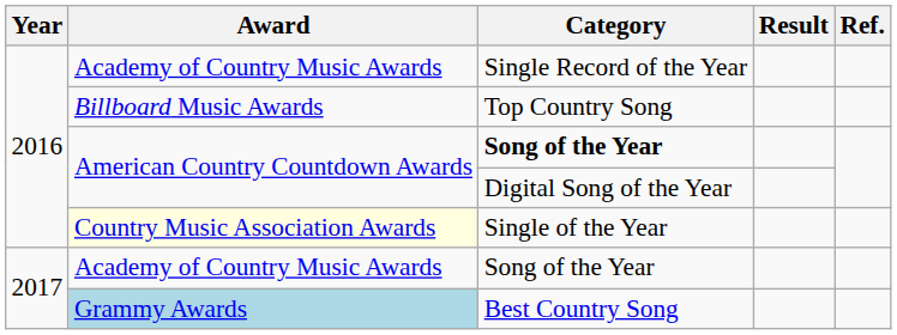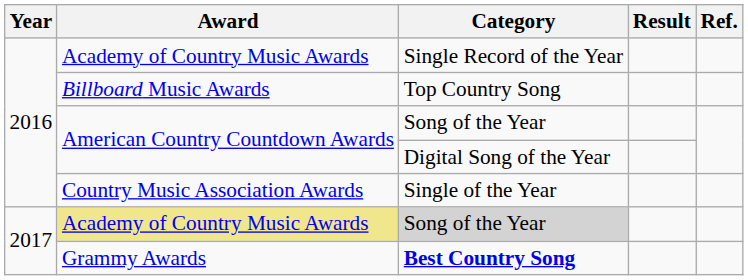 <table class="wikitable">
 <tr>
 <th>Year</th>
 <th>Award</th>
 <th>Category</th>
 <th>Result</th>
 <th>Ref.</th>
 </tr>
 <tr>
 <td rowspan=5>2016</td>
 <td><a href='#'>Academy of Country Music Awards</a></td>
 <td>Single Record of the Year</td>
 <td></td>
 <td style="text-align:center;"></td>
 </tr>
 <tr>
 <td><a href='#'><em>Billboard</em> Music Awards</a></td>
 <td>Top Country Song</td>
 <td></td>
 <td style="text-align:center;"></td>
 </tr>
 <tr>
 <td rowspan=2><a href='#'>American Country Countdown Awards</a></td>
-<td><strong>Song of the Year</strong></td>
+<td>Song of the Year</td>
 <td></td>
 <td rowspan=2 style="text-align:center;"></td>
 </tr>
 <tr>
 <td>Digital Song of the Year</td>
 <td></td>
 </tr>
 <tr>
-<td style="background: lightyellow;"><a href='#'>Country Music Association Awards</a></td>
+<td><a href='#'>Country Music Association Awards</a></td>
 <td>Single of the Year</td>
 <td></td>
 <td style="text-align:center;"></td>
 </tr>
 <tr>
 <td rowspan=2>2017</td>
-<td><a href='#'>Academy of Country Music Awards</a></td>
-<td>Song of the Year</td>
+<td style="background: khaki;"><a href='#'>Academy of Country Music Awards</a></td>
+<td style="background: lightgrey;">Song of the Year</td>
 <td></td>
 <td style="text-align:center;"></td>
 </tr>
 <tr>
-<td style="background: lightblue;"><a href='#'>Grammy Awards</a></td>
-<td><a href='#'>Best Country Song</a></td>
+<td><a href='#'>Grammy Awards</a></td>
+<td><strong><a href='#'>Best Country Song</a></strong></td>
 <td></td>
 <td style="text-align:center;"></td>
 </tr>
 </table>
